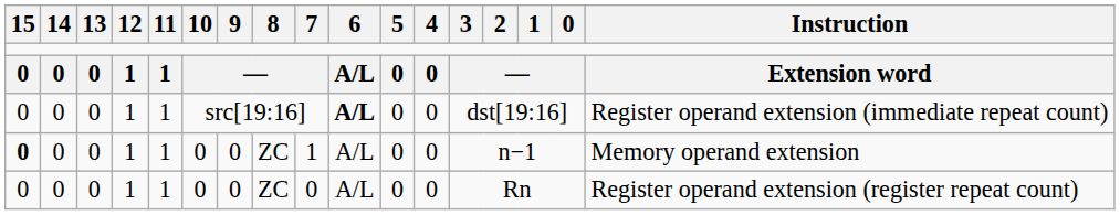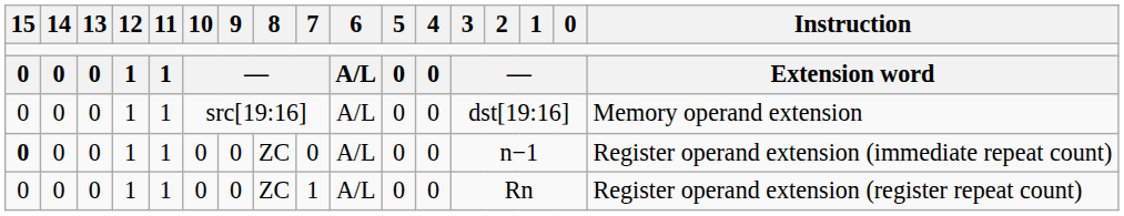 <table class="wikitable" style="text-align:center">
 <tr>
 <th width=15pt>15</th>
 <th width=15pt>14</th>
 <th width=15pt>13</th>
 <th width=15pt>12</th>
 <th width=15pt>11</th>
 <th width=15pt>10</th>
 <th width=15pt>9</th>
 <th width=15pt>8</th>
 <th width=15pt>7</th>
 <th width=15pt>6</th>
 <th width=15pt>5</th>
 <th width=15pt>4</th>
 <th width=15pt>3</th>
 <th width=15pt>2</th>
 <th width=15pt>1</th>
 <th width=15pt>0</th>
 <th>Instruction</th>
 </tr>
 <tr>
 <td colspan=17></td>
 </tr>
 <tr>
 <th>0</th>
 <th>0</th>
 <th>0</th>
 <th>1</th>
 <th>1</th>
 <th colspan=4>—</th>
 <th>A/L</th>
 <th>0</th>
 <th>0</th>
 <th colspan=4>—</th>
 <th>Extension word</th>
 </tr>
 <tr>
 <td>0</td>
 <td>0</td>
 <td>0</td>
 <td>1</td>
 <td>1</td>
 <td colspan=4>src[19:16]</td>
-<td><strong>A/L</strong></td>
+<td>A/L</td>
 <td>0</td>
 <td>0</td>
 <td colspan=4>dst[19:16]</td>
+<td align=left>Memory operand extension</td>
+</tr>
+<tr>
+<td><strong>0</strong></td>
+<td>0</td>
+<td>0</td>
+<td>1</td>
+<td>1</td>
+<td>0</td>
+<td>0</td>
+<td>ZC</td>
+<td>0</td>
+<td>A/L</td>
+<td>0</td>
+<td>0</td>
+<td colspan=4>n−1</td>
 <td align=left>Register operand extension (immediate repeat count)</td>
 </tr>
 <tr>
-<td><strong>0</strong></td>
+<td>0</td>
 <td>0</td>
 <td>0</td>
 <td>1</td>
 <td>1</td>
 <td>0</td>
 <td>0</td>
 <td>ZC</td>
 <td>1</td>
 <td>A/L</td>
 <td>0</td>
 <td>0</td>
-<td colspan=4>n−1</td>
-<td align=left>Memory operand extension</td>
-</tr>
-<tr>
-<td>0</td>
-<td>0</td>
-<td>0</td>
-<td>1</td>
-<td>1</td>
-<td>0</td>
-<td>0</td>
-<td>ZC</td>
-<td>0</td>
-<td>A/L</td>
-<td>0</td>
-<td>0</td>
 <td colspan=4>Rn</td>
 <td align=left>Register operand extension (register repeat count)</td>
 </tr>
 </table>
